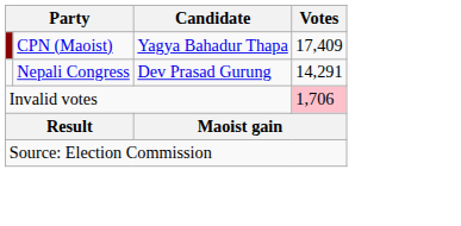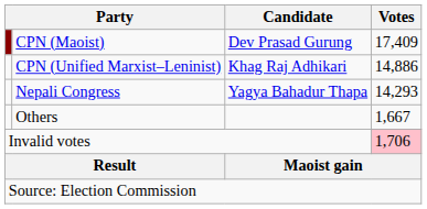 <table class="wikitable">
 <tr>
 <th colspan="2">Party</th>
 <th>Candidate</th>
 <th>Votes</th>
 </tr>
 <tr>
 <td style="background-color:darkred"></td>
 <td><a href='#'>CPN (Maoist)</a></td>
-<td><a href='#'>Yagya Bahadur Thapa</a></td>
+<td><a href='#'>Dev Prasad Gurung</a></td>
 <td>17,409</td>
 </tr>
 <tr>
 <td style="background-color:"></td>
+<td><a href='#'>CPN (Unified Marxist–Leninist)</a></td>
+<td><a href='#'>Khag Raj Adhikari</a></td>
+<td>14,886</td>
+</tr>
+<tr>
+<td style="background-color:"></td>
 <td><a href='#'>Nepali Congress</a></td>
-<td><a href='#'>Dev Prasad Gurung</a></td>
-<td>14,291</td>
+<td><a href='#'>Yagya Bahadur Thapa</a></td>
+<td>14,293</td>
+</tr>
+<tr>
+<td></td>
+<td>Others</td>
+<td></td>
+<td>1,667</td>
 </tr>
 <tr>
 <td colspan="3">Invalid votes</td>
 <td style="background: pink;">1,706</td>
 </tr>
 <tr>
 <th colspan="2">Result</th>
 <th colspan="2">Maoist gain</th>
 </tr>
 <tr>
 <td colspan="4">Source: Election Commission</td>
 </tr>
 </table>
